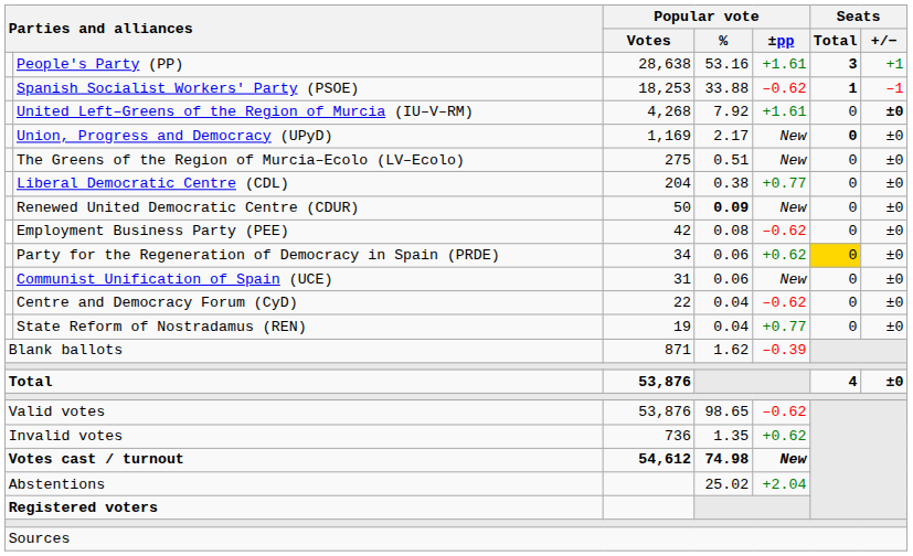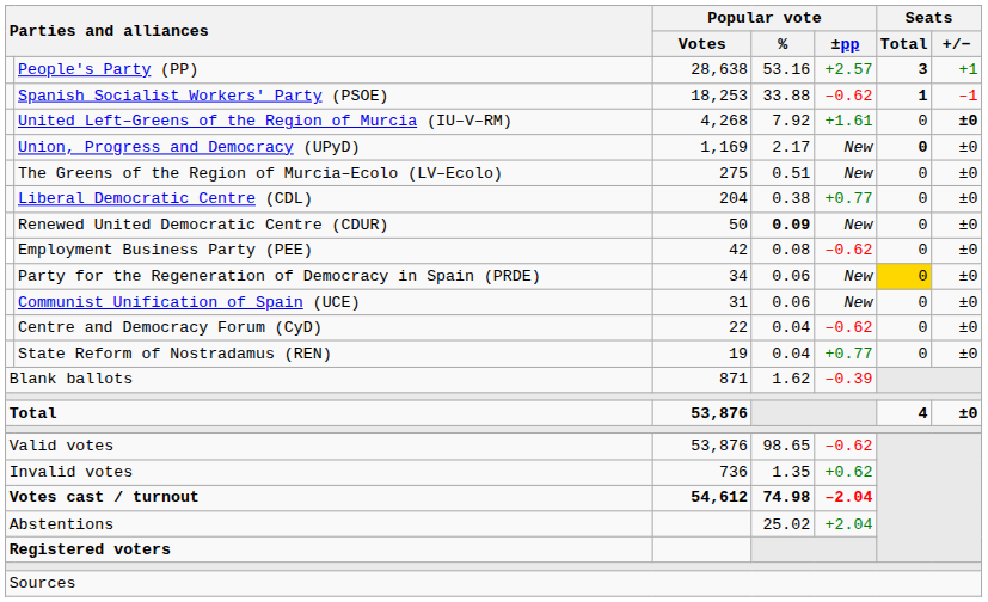 <table class="wikitable" style="text-align:right;">
 <tr>
 <th style="text-align:left;" rowspan="2" colspan="2" width="525">Parties and alliances</th>
 <th colspan="3">Popular vote</th>
 <th colspan="2">Seats</th>
 </tr>
 <tr>
 <th width="75">Votes</th>
 <th width="45">%</th>
 <th width="45">±<a href='#'>pp</a></th>
 <th width="35">Total</th>
 <th width="35">+/−</th>
 </tr>
 <tr>
 <td width="1" style="color:inherit;background:"></td>
 <td align="left"><a href='#'>People's Party</a> (PP)</td>
 <td>28,638</td>
 <td>53.16</td>
-<td style="color:green;">+1.61</td>
+<td style="color:green;">+2.57</td>
 <td><strong>3</strong></td>
 <td style="color:green;">+1</td>
 </tr>
 <tr>
 <td style="color:inherit;background:"></td>
 <td align="left"><a href='#'>Spanish Socialist Workers' Party</a> (PSOE)</td>
 <td>18,253</td>
 <td>33.88</td>
 <td style="color:red;">–0.62</td>
 <td><strong>1</strong></td>
 <td style="color:red;">–1</td>
 </tr>
 <tr>
 <td style="color:inherit;background:"></td>
 <td align="left"><a href='#'>United Left–Greens of the Region of Murcia</a> (IU–V–RM)</td>
 <td>4,268</td>
 <td>7.92</td>
 <td style="color:green;">+1.61</td>
 <td>0</td>
 <td><strong>±0</strong></td>
 </tr>
 <tr>
 <td style="color:inherit;background:"></td>
 <td align="left"><a href='#'>Union, Progress and Democracy</a> (UPyD)</td>
 <td>1,169</td>
 <td>2.17</td>
 <td><em>New</em></td>
 <td><strong>0</strong></td>
 <td>±0</td>
 </tr>
 <tr>
 <td style="color:inherit;background:"></td>
 <td align="left">The Greens of the Region of Murcia–Ecolo (LV–Ecolo)</td>
 <td>275</td>
 <td>0.51</td>
 <td><em>New</em></td>
 <td>0</td>
 <td>±0</td>
 </tr>
 <tr>
 <td style="color:inherit;background:"></td>
 <td align="left"><a href='#'>Liberal Democratic Centre</a> (CDL)</td>
 <td>204</td>
 <td>0.38</td>
 <td style="color:green;">+0.77</td>
 <td>0</td>
 <td>±0</td>
 </tr>
 <tr>
 <td style="color:inherit;background:"></td>
 <td align="left">Renewed United Democratic Centre (CDUR)</td>
 <td>50</td>
 <td><strong>0.09</strong></td>
 <td><em>New</em></td>
 <td>0</td>
 <td>±0</td>
 </tr>
 <tr>
 <td bgcolor="white"></td>
 <td align="left">Employment Business Party (PEE)</td>
 <td>42</td>
 <td>0.08</td>
 <td style="color:red;">–0.62</td>
 <td>0</td>
 <td>±0</td>
 </tr>
 <tr>
 <td style="color:inherit;background:"></td>
 <td align="left">Party for the Regeneration of Democracy in Spain (PRDE)</td>
 <td>34</td>
 <td>0.06</td>
-<td style="color:green;">+0.62</td>
+<td><em>New</em></td>
 <td style="background: gold;">0</td>
 <td>±0</td>
 </tr>
 <tr>
 <td style="color:inherit;background:"></td>
 <td align="left"><a href='#'>Communist Unification of Spain</a> (UCE)</td>
 <td>31</td>
 <td>0.06</td>
 <td><em>New</em></td>
 <td>0</td>
 <td>±0</td>
 </tr>
 <tr>
 <td style="color:inherit;background:"></td>
 <td align="left">Centre and Democracy Forum (CyD)</td>
 <td>22</td>
 <td>0.04</td>
 <td style="color:red;">–0.62</td>
 <td>0</td>
 <td>±0</td>
 </tr>
 <tr>
 <td style="color:inherit;background:"></td>
 <td align="left">State Reform of Nostradamus (REN)</td>
 <td>19</td>
 <td>0.04</td>
 <td style="color:green;">+0.77</td>
 <td>0</td>
 <td>±0</td>
 </tr>
 <tr>
 <td align="left" colspan="2">Blank ballots</td>
 <td>871</td>
 <td>1.62</td>
 <td style="color:red;">–0.39</td>
 <td bgcolor="#E9E9E9" colspan="2"></td>
 </tr>
 <tr>
 <td colspan="7" bgcolor="#E9E9E9"></td>
 </tr>
 <tr style="font-weight:bold;">
 <td align="left" colspan="2">Total</td>
 <td>53,876</td>
 <td bgcolor="#E9E9E9" colspan="2"></td>
 <td>4</td>
 <td>±0</td>
 </tr>
 <tr>
 <td colspan="7" bgcolor="#E9E9E9"></td>
 </tr>
 <tr>
 <td align="left" colspan="2">Valid votes</td>
 <td>53,876</td>
 <td>98.65</td>
 <td style="color:red;">–0.62</td>
 <td bgcolor="#E9E9E9" colspan="2" rowspan="5"></td>
 </tr>
 <tr>
 <td align="left" colspan="2">Invalid votes</td>
 <td>736</td>
 <td>1.35</td>
 <td style="color:green;">+0.62</td>
 </tr>
 <tr style="font-weight:bold;">
 <td align="left" colspan="2">Votes cast / turnout</td>
 <td>54,612</td>
 <td>74.98</td>
-<td><em>New</em></td>
+<td style="color:red;">–2.04</td>
 </tr>
 <tr>
 <td align="left" colspan="2">Abstentions</td>
 <td></td>
 <td>25.02</td>
 <td style="color:green;">+2.04</td>
 </tr>
 <tr style="font-weight:bold;">
 <td align="left" colspan="2">Registered voters</td>
 <td></td>
 <td bgcolor="#E9E9E9" colspan="2"></td>
 </tr>
 <tr>
 <td colspan="7" bgcolor="#E9E9E9"></td>
 </tr>
 <tr>
 <td align="left" colspan="7">Sources</td>
 </tr>
 </table>
